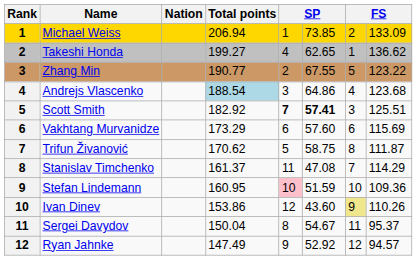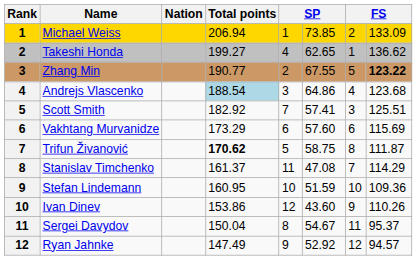 <table class="wikitable">
 <tr>
 <th>Rank</th>
 <th>Name</th>
 <th>Nation</th>
 <th>Total points</th>
 <th colspan="2" width="80px"><a href='#'>SP</a></th>
 <th colspan="2" width="80px"><a href='#'>FS</a></th>
 </tr>
 <tr bgcolor="gold">
 <td align="center"><strong>1</strong></td>
 <td><a href='#'>Michael Weiss</a></td>
 <td></td>
 <td>206.94</td>
 <td>1</td>
 <td>73.85</td>
 <td>2</td>
 <td>133.09</td>
 </tr>
 <tr bgcolor="silver">
 <td align="center"><strong>2</strong></td>
 <td><a href='#'>Takeshi Honda</a></td>
 <td></td>
 <td>199.27</td>
 <td>4</td>
 <td>62.65</td>
 <td>1</td>
 <td>136.62</td>
 </tr>
 <tr bgcolor="cc9966">
 <td align="center"><strong>3</strong></td>
 <td><a href='#'>Zhang Min</a></td>
 <td></td>
 <td>190.77</td>
 <td>2</td>
 <td>67.55</td>
 <td>5</td>
-<td>123.22</td>
+<td><strong>123.22</strong></td>
 </tr>
 <tr>
 <th>4</th>
 <td><a href='#'>Andrejs Vlascenko</a></td>
 <td></td>
 <td style="background: lightblue;">188.54</td>
 <td>3</td>
 <td>64.86</td>
 <td>4</td>
 <td>123.68</td>
 </tr>
 <tr>
 <th>5</th>
 <td><a href='#'>Scott Smith</a></td>
 <td></td>
 <td>182.92</td>
-<td><strong>7</strong></td>
-<td><strong>57.41</strong></td>
+<td>7</td>
+<td>57.41</td>
 <td>3</td>
 <td>125.51</td>
 </tr>
 <tr>
 <th>6</th>
 <td><a href='#'>Vakhtang Murvanidze</a></td>
 <td></td>
 <td>173.29</td>
 <td>6</td>
 <td>57.60</td>
 <td>6</td>
 <td>115.69</td>
 </tr>
 <tr>
 <th>7</th>
 <td><a href='#'>Trifun Živanović</a></td>
 <td></td>
-<td>170.62</td>
+<td><strong>170.62</strong></td>
 <td>5</td>
 <td>58.75</td>
 <td>8</td>
 <td>111.87</td>
 </tr>
 <tr>
 <th>8</th>
 <td><a href='#'>Stanislav Timchenko</a></td>
 <td></td>
 <td>161.37</td>
 <td>11</td>
 <td>47.08</td>
 <td>7</td>
 <td>114.29</td>
 </tr>
 <tr>
 <th>9</th>
 <td><a href='#'>Stefan Lindemann</a></td>
 <td></td>
 <td>160.95</td>
-<td style="background: pink;">10</td>
+<td>10</td>
 <td>51.59</td>
 <td>10</td>
 <td>109.36</td>
 </tr>
 <tr>
 <th>10</th>
 <td><a href='#'>Ivan Dinev</a></td>
 <td></td>
 <td>153.86</td>
 <td>12</td>
 <td>43.60</td>
-<td style="background: khaki;">9</td>
+<td>9</td>
 <td>110.26</td>
 </tr>
 <tr>
 <th>11</th>
 <td><a href='#'>Sergei Davydov</a></td>
 <td></td>
 <td>150.04</td>
 <td>8</td>
 <td>54.67</td>
 <td>11</td>
 <td>95.37</td>
 </tr>
 <tr>
 <th>12</th>
 <td><a href='#'>Ryan Jahnke</a></td>
 <td></td>
 <td>147.49</td>
 <td>9</td>
 <td>52.92</td>
 <td>12</td>
 <td>94.57</td>
 </tr>
 </table>
